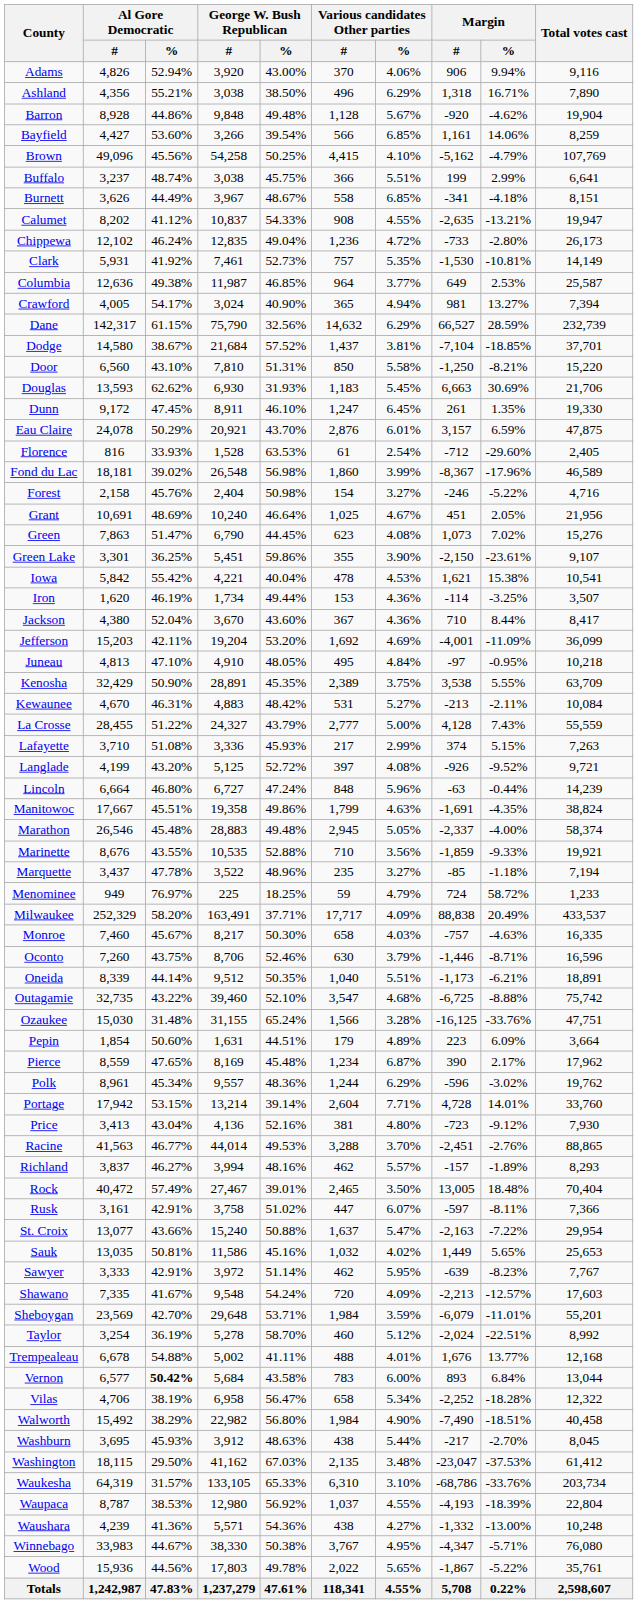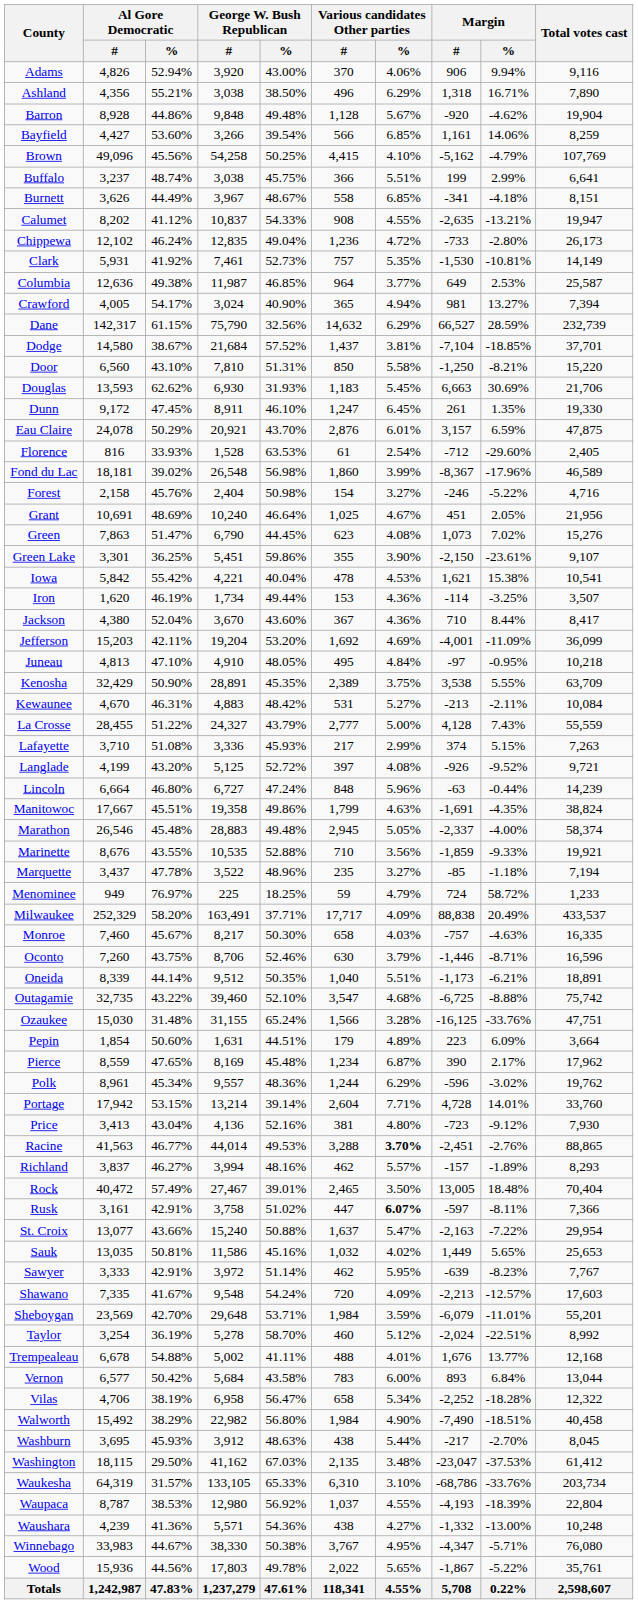 <table width="60%"  class="wikitable sortable" style="text-align:center">
 <tr>
 <th style="text-align:center;" rowspan="2">County</th>
 <th style="text-align:center;" colspan="2">Al Gore<br>Democratic</th>
 <th style="text-align:center;" colspan="2">George W. Bush<br>Republican</th>
 <th style="text-align:center;" colspan="2">Various candidates<br>Other parties</th>
 <th style="text-align:center;" colspan="2">Margin</th>
 <th style="text-align:center;" rowspan="2">Total votes cast</th>
 </tr>
 <tr>
 <th style="text-align:center;" data-sort-type="number">#</th>
 <th style="text-align:center;" data-sort-type="number">%</th>
 <th style="text-align:center;" data-sort-type="number">#</th>
 <th style="text-align:center;" data-sort-type="number">%</th>
 <th style="text-align:center;" data-sort-type="number">#</th>
 <th style="text-align:center;" data-sort-type="number">%</th>
 <th style="text-align:center;" data-sort-type="number">#</th>
 <th style="text-align:center;" data-sort-type="number">%</th>
 </tr>
 <tr style="text-align:center;">
 <td><a href='#'>Adams</a></td>
 <td>4,826</td>
 <td>52.94%</td>
 <td>3,920</td>
 <td>43.00%</td>
 <td>370</td>
 <td>4.06%</td>
 <td>906</td>
 <td>9.94%</td>
 <td>9,116</td>
 </tr>
 <tr style="text-align:center;">
 <td><a href='#'>Ashland</a></td>
 <td>4,356</td>
 <td>55.21%</td>
 <td>3,038</td>
 <td>38.50%</td>
 <td>496</td>
 <td>6.29%</td>
 <td>1,318</td>
 <td>16.71%</td>
 <td>7,890</td>
 </tr>
 <tr style="text-align:center;">
 <td><a href='#'>Barron</a></td>
 <td>8,928</td>
 <td>44.86%</td>
 <td>9,848</td>
 <td>49.48%</td>
 <td>1,128</td>
 <td>5.67%</td>
 <td>-920</td>
 <td>-4.62%</td>
 <td>19,904</td>
 </tr>
 <tr style="text-align:center;">
 <td><a href='#'>Bayfield</a></td>
 <td>4,427</td>
 <td>53.60%</td>
 <td>3,266</td>
 <td>39.54%</td>
 <td>566</td>
 <td>6.85%</td>
 <td>1,161</td>
 <td>14.06%</td>
 <td>8,259</td>
 </tr>
 <tr style="text-align:center;">
 <td><a href='#'>Brown</a></td>
 <td>49,096</td>
 <td>45.56%</td>
 <td>54,258</td>
 <td>50.25%</td>
 <td>4,415</td>
 <td>4.10%</td>
 <td>-5,162</td>
 <td>-4.79%</td>
 <td>107,769</td>
 </tr>
 <tr style="text-align:center;">
 <td><a href='#'>Buffalo</a></td>
 <td>3,237</td>
 <td>48.74%</td>
 <td>3,038</td>
 <td>45.75%</td>
 <td>366</td>
 <td>5.51%</td>
 <td>199</td>
 <td>2.99%</td>
 <td>6,641</td>
 </tr>
 <tr style="text-align:center;">
 <td><a href='#'>Burnett</a></td>
 <td>3,626</td>
 <td>44.49%</td>
 <td>3,967</td>
 <td>48.67%</td>
 <td>558</td>
 <td>6.85%</td>
 <td>-341</td>
 <td>-4.18%</td>
 <td>8,151</td>
 </tr>
 <tr style="text-align:center;">
 <td><a href='#'>Calumet</a></td>
 <td>8,202</td>
 <td>41.12%</td>
 <td>10,837</td>
 <td>54.33%</td>
 <td>908</td>
 <td>4.55%</td>
 <td>-2,635</td>
 <td>-13.21%</td>
 <td>19,947</td>
 </tr>
 <tr style="text-align:center;">
 <td><a href='#'>Chippewa</a></td>
 <td>12,102</td>
 <td>46.24%</td>
 <td>12,835</td>
 <td>49.04%</td>
 <td>1,236</td>
 <td>4.72%</td>
 <td>-733</td>
 <td>-2.80%</td>
 <td>26,173</td>
 </tr>
 <tr style="text-align:center;">
 <td><a href='#'>Clark</a></td>
 <td>5,931</td>
 <td>41.92%</td>
 <td>7,461</td>
 <td>52.73%</td>
 <td>757</td>
 <td>5.35%</td>
 <td>-1,530</td>
 <td>-10.81%</td>
 <td>14,149</td>
 </tr>
 <tr style="text-align:center;">
 <td><a href='#'>Columbia</a></td>
 <td>12,636</td>
 <td>49.38%</td>
 <td>11,987</td>
 <td>46.85%</td>
 <td>964</td>
 <td>3.77%</td>
 <td>649</td>
 <td>2.53%</td>
 <td>25,587</td>
 </tr>
 <tr style="text-align:center;">
 <td><a href='#'>Crawford</a></td>
 <td>4,005</td>
 <td>54.17%</td>
 <td>3,024</td>
 <td>40.90%</td>
 <td>365</td>
 <td>4.94%</td>
 <td>981</td>
 <td>13.27%</td>
 <td>7,394</td>
 </tr>
 <tr style="text-align:center;">
 <td><a href='#'>Dane</a></td>
 <td>142,317</td>
 <td>61.15%</td>
 <td>75,790</td>
 <td>32.56%</td>
 <td>14,632</td>
 <td>6.29%</td>
 <td>66,527</td>
 <td>28.59%</td>
 <td>232,739</td>
 </tr>
 <tr style="text-align:center;">
 <td><a href='#'>Dodge</a></td>
 <td>14,580</td>
 <td>38.67%</td>
 <td>21,684</td>
 <td>57.52%</td>
 <td>1,437</td>
 <td>3.81%</td>
 <td>-7,104</td>
 <td>-18.85%</td>
 <td>37,701</td>
 </tr>
 <tr style="text-align:center;">
 <td><a href='#'>Door</a></td>
 <td>6,560</td>
 <td>43.10%</td>
 <td>7,810</td>
 <td>51.31%</td>
 <td>850</td>
 <td>5.58%</td>
 <td>-1,250</td>
 <td>-8.21%</td>
 <td>15,220</td>
 </tr>
 <tr style="text-align:center;">
 <td><a href='#'>Douglas</a></td>
 <td>13,593</td>
 <td>62.62%</td>
 <td>6,930</td>
 <td>31.93%</td>
 <td>1,183</td>
 <td>5.45%</td>
 <td>6,663</td>
 <td>30.69%</td>
 <td>21,706</td>
 </tr>
 <tr style="text-align:center;">
 <td><a href='#'>Dunn</a></td>
 <td>9,172</td>
 <td>47.45%</td>
 <td>8,911</td>
 <td>46.10%</td>
 <td>1,247</td>
 <td>6.45%</td>
 <td>261</td>
 <td>1.35%</td>
 <td>19,330</td>
 </tr>
 <tr style="text-align:center;">
 <td><a href='#'>Eau Claire</a></td>
 <td>24,078</td>
 <td>50.29%</td>
 <td>20,921</td>
 <td>43.70%</td>
 <td>2,876</td>
 <td>6.01%</td>
 <td>3,157</td>
 <td>6.59%</td>
 <td>47,875</td>
 </tr>
 <tr style="text-align:center;">
 <td><a href='#'>Florence</a></td>
 <td>816</td>
 <td>33.93%</td>
 <td>1,528</td>
 <td>63.53%</td>
 <td>61</td>
 <td>2.54%</td>
 <td>-712</td>
 <td>-29.60%</td>
 <td>2,405</td>
 </tr>
 <tr style="text-align:center;">
 <td><a href='#'>Fond du Lac</a></td>
 <td>18,181</td>
 <td>39.02%</td>
 <td>26,548</td>
 <td>56.98%</td>
 <td>1,860</td>
 <td>3.99%</td>
 <td>-8,367</td>
 <td>-17.96%</td>
 <td>46,589</td>
 </tr>
 <tr style="text-align:center;">
 <td><a href='#'>Forest</a></td>
 <td>2,158</td>
 <td>45.76%</td>
 <td>2,404</td>
 <td>50.98%</td>
 <td>154</td>
 <td>3.27%</td>
 <td>-246</td>
 <td>-5.22%</td>
 <td>4,716</td>
 </tr>
 <tr style="text-align:center;">
 <td><a href='#'>Grant</a></td>
 <td>10,691</td>
 <td>48.69%</td>
 <td>10,240</td>
 <td>46.64%</td>
 <td>1,025</td>
 <td>4.67%</td>
 <td>451</td>
 <td>2.05%</td>
 <td>21,956</td>
 </tr>
 <tr style="text-align:center;">
 <td><a href='#'>Green</a></td>
 <td>7,863</td>
 <td>51.47%</td>
 <td>6,790</td>
 <td>44.45%</td>
 <td>623</td>
 <td>4.08%</td>
 <td>1,073</td>
 <td>7.02%</td>
 <td>15,276</td>
 </tr>
 <tr style="text-align:center;">
 <td><a href='#'>Green Lake</a></td>
 <td>3,301</td>
 <td>36.25%</td>
 <td>5,451</td>
 <td>59.86%</td>
 <td>355</td>
 <td>3.90%</td>
 <td>-2,150</td>
 <td>-23.61%</td>
 <td>9,107</td>
 </tr>
 <tr style="text-align:center;">
 <td><a href='#'>Iowa</a></td>
 <td>5,842</td>
 <td>55.42%</td>
 <td>4,221</td>
 <td>40.04%</td>
 <td>478</td>
 <td>4.53%</td>
 <td>1,621</td>
 <td>15.38%</td>
 <td>10,541</td>
 </tr>
 <tr style="text-align:center;">
 <td><a href='#'>Iron</a></td>
 <td>1,620</td>
 <td>46.19%</td>
 <td>1,734</td>
 <td>49.44%</td>
 <td>153</td>
 <td>4.36%</td>
 <td>-114</td>
 <td>-3.25%</td>
 <td>3,507</td>
 </tr>
 <tr style="text-align:center;">
 <td><a href='#'>Jackson</a></td>
 <td>4,380</td>
 <td>52.04%</td>
 <td>3,670</td>
 <td>43.60%</td>
 <td>367</td>
 <td>4.36%</td>
 <td>710</td>
 <td>8.44%</td>
 <td>8,417</td>
 </tr>
 <tr style="text-align:center;">
 <td><a href='#'>Jefferson</a></td>
 <td>15,203</td>
 <td>42.11%</td>
 <td>19,204</td>
 <td>53.20%</td>
 <td>1,692</td>
 <td>4.69%</td>
 <td>-4,001</td>
 <td>-11.09%</td>
 <td>36,099</td>
 </tr>
 <tr style="text-align:center;">
 <td><a href='#'>Juneau</a></td>
 <td>4,813</td>
 <td>47.10%</td>
 <td>4,910</td>
 <td>48.05%</td>
 <td>495</td>
 <td>4.84%</td>
 <td>-97</td>
 <td>-0.95%</td>
 <td>10,218</td>
 </tr>
 <tr style="text-align:center;">
 <td><a href='#'>Kenosha</a></td>
 <td>32,429</td>
 <td>50.90%</td>
 <td>28,891</td>
 <td>45.35%</td>
 <td>2,389</td>
 <td>3.75%</td>
 <td>3,538</td>
 <td>5.55%</td>
 <td>63,709</td>
 </tr>
 <tr style="text-align:center;">
 <td><a href='#'>Kewaunee</a></td>
 <td>4,670</td>
 <td>46.31%</td>
 <td>4,883</td>
 <td>48.42%</td>
 <td>531</td>
 <td>5.27%</td>
 <td>-213</td>
 <td>-2.11%</td>
 <td>10,084</td>
 </tr>
 <tr style="text-align:center;">
 <td><a href='#'>La Crosse</a></td>
 <td>28,455</td>
 <td>51.22%</td>
 <td>24,327</td>
 <td>43.79%</td>
 <td>2,777</td>
 <td>5.00%</td>
 <td>4,128</td>
 <td>7.43%</td>
 <td>55,559</td>
 </tr>
 <tr style="text-align:center;">
 <td><a href='#'>Lafayette</a></td>
 <td>3,710</td>
 <td>51.08%</td>
 <td>3,336</td>
 <td>45.93%</td>
 <td>217</td>
 <td>2.99%</td>
 <td>374</td>
 <td>5.15%</td>
 <td>7,263</td>
 </tr>
 <tr style="text-align:center;">
 <td><a href='#'>Langlade</a></td>
 <td>4,199</td>
 <td>43.20%</td>
 <td>5,125</td>
 <td>52.72%</td>
 <td>397</td>
 <td>4.08%</td>
 <td>-926</td>
 <td>-9.52%</td>
 <td>9,721</td>
 </tr>
 <tr style="text-align:center;">
 <td><a href='#'>Lincoln</a></td>
 <td>6,664</td>
 <td>46.80%</td>
 <td>6,727</td>
 <td>47.24%</td>
 <td>848</td>
 <td>5.96%</td>
 <td>-63</td>
 <td>-0.44%</td>
 <td>14,239</td>
 </tr>
 <tr style="text-align:center;">
 <td><a href='#'>Manitowoc</a></td>
 <td>17,667</td>
 <td>45.51%</td>
 <td>19,358</td>
 <td>49.86%</td>
 <td>1,799</td>
 <td>4.63%</td>
 <td>-1,691</td>
 <td>-4.35%</td>
 <td>38,824</td>
 </tr>
 <tr style="text-align:center;">
 <td><a href='#'>Marathon</a></td>
 <td>26,546</td>
 <td>45.48%</td>
 <td>28,883</td>
 <td>49.48%</td>
 <td>2,945</td>
 <td>5.05%</td>
 <td>-2,337</td>
 <td>-4.00%</td>
 <td>58,374</td>
 </tr>
 <tr style="text-align:center;">
 <td><a href='#'>Marinette</a></td>
 <td>8,676</td>
 <td>43.55%</td>
 <td>10,535</td>
 <td>52.88%</td>
 <td>710</td>
 <td>3.56%</td>
 <td>-1,859</td>
 <td>-9.33%</td>
 <td>19,921</td>
 </tr>
 <tr style="text-align:center;">
 <td><a href='#'>Marquette</a></td>
 <td>3,437</td>
 <td>47.78%</td>
 <td>3,522</td>
 <td>48.96%</td>
 <td>235</td>
 <td>3.27%</td>
 <td>-85</td>
 <td>-1.18%</td>
 <td>7,194</td>
 </tr>
 <tr style="text-align:center;">
 <td><a href='#'>Menominee</a></td>
 <td>949</td>
 <td>76.97%</td>
 <td>225</td>
 <td>18.25%</td>
 <td>59</td>
 <td>4.79%</td>
 <td>724</td>
 <td>58.72%</td>
 <td>1,233</td>
 </tr>
 <tr style="text-align:center;">
 <td><a href='#'>Milwaukee</a></td>
 <td>252,329</td>
 <td>58.20%</td>
 <td>163,491</td>
 <td>37.71%</td>
 <td>17,717</td>
 <td>4.09%</td>
 <td>88,838</td>
 <td>20.49%</td>
 <td>433,537</td>
 </tr>
 <tr style="text-align:center;">
 <td><a href='#'>Monroe</a></td>
 <td>7,460</td>
 <td>45.67%</td>
 <td>8,217</td>
 <td>50.30%</td>
 <td>658</td>
 <td>4.03%</td>
 <td>-757</td>
 <td>-4.63%</td>
 <td>16,335</td>
 </tr>
 <tr style="text-align:center;">
 <td><a href='#'>Oconto</a></td>
 <td>7,260</td>
 <td>43.75%</td>
 <td>8,706</td>
 <td>52.46%</td>
 <td>630</td>
 <td>3.79%</td>
 <td>-1,446</td>
 <td>-8.71%</td>
 <td>16,596</td>
 </tr>
 <tr style="text-align:center;">
 <td><a href='#'>Oneida</a></td>
 <td>8,339</td>
 <td>44.14%</td>
 <td>9,512</td>
 <td>50.35%</td>
 <td>1,040</td>
 <td>5.51%</td>
 <td>-1,173</td>
 <td>-6.21%</td>
 <td>18,891</td>
 </tr>
 <tr style="text-align:center;">
 <td><a href='#'>Outagamie</a></td>
 <td>32,735</td>
 <td>43.22%</td>
 <td>39,460</td>
 <td>52.10%</td>
 <td>3,547</td>
 <td>4.68%</td>
 <td>-6,725</td>
 <td>-8.88%</td>
 <td>75,742</td>
 </tr>
 <tr style="text-align:center;">
 <td><a href='#'>Ozaukee</a></td>
 <td>15,030</td>
 <td>31.48%</td>
 <td>31,155</td>
 <td>65.24%</td>
 <td>1,566</td>
 <td>3.28%</td>
 <td>-16,125</td>
 <td>-33.76%</td>
 <td>47,751</td>
 </tr>
 <tr style="text-align:center;">
 <td><a href='#'>Pepin</a></td>
 <td>1,854</td>
 <td>50.60%</td>
 <td>1,631</td>
 <td>44.51%</td>
 <td>179</td>
 <td>4.89%</td>
 <td>223</td>
 <td>6.09%</td>
 <td>3,664</td>
 </tr>
 <tr style="text-align:center;">
 <td><a href='#'>Pierce</a></td>
 <td>8,559</td>
 <td>47.65%</td>
 <td>8,169</td>
 <td>45.48%</td>
 <td>1,234</td>
 <td>6.87%</td>
 <td>390</td>
 <td>2.17%</td>
 <td>17,962</td>
 </tr>
 <tr style="text-align:center;">
 <td><a href='#'>Polk</a></td>
 <td>8,961</td>
 <td>45.34%</td>
 <td>9,557</td>
 <td>48.36%</td>
 <td>1,244</td>
 <td>6.29%</td>
 <td>-596</td>
 <td>-3.02%</td>
 <td>19,762</td>
 </tr>
 <tr style="text-align:center;">
 <td><a href='#'>Portage</a></td>
 <td>17,942</td>
 <td>53.15%</td>
 <td>13,214</td>
 <td>39.14%</td>
 <td>2,604</td>
 <td>7.71%</td>
 <td>4,728</td>
 <td>14.01%</td>
 <td>33,760</td>
 </tr>
 <tr style="text-align:center;">
 <td><a href='#'>Price</a></td>
 <td>3,413</td>
 <td>43.04%</td>
 <td>4,136</td>
 <td>52.16%</td>
 <td>381</td>
 <td>4.80%</td>
 <td>-723</td>
 <td>-9.12%</td>
 <td>7,930</td>
 </tr>
 <tr style="text-align:center;">
 <td><a href='#'>Racine</a></td>
 <td>41,563</td>
 <td>46.77%</td>
 <td>44,014</td>
 <td>49.53%</td>
 <td>3,288</td>
-<td>3.70%</td>
+<td><strong>3.70%</strong></td>
 <td>-2,451</td>
 <td>-2.76%</td>
 <td>88,865</td>
 </tr>
 <tr style="text-align:center;">
 <td><a href='#'>Richland</a></td>
 <td>3,837</td>
 <td>46.27%</td>
 <td>3,994</td>
 <td>48.16%</td>
 <td>462</td>
 <td>5.57%</td>
 <td>-157</td>
 <td>-1.89%</td>
 <td>8,293</td>
 </tr>
 <tr style="text-align:center;">
 <td><a href='#'>Rock</a></td>
 <td>40,472</td>
 <td>57.49%</td>
 <td>27,467</td>
 <td>39.01%</td>
 <td>2,465</td>
 <td>3.50%</td>
 <td>13,005</td>
 <td>18.48%</td>
 <td>70,404</td>
 </tr>
 <tr style="text-align:center;">
 <td><a href='#'>Rusk</a></td>
 <td>3,161</td>
 <td>42.91%</td>
 <td>3,758</td>
 <td>51.02%</td>
 <td>447</td>
-<td>6.07%</td>
+<td><strong>6.07%</strong></td>
 <td>-597</td>
 <td>-8.11%</td>
 <td>7,366</td>
 </tr>
 <tr style="text-align:center;">
 <td><a href='#'>St. Croix</a></td>
 <td>13,077</td>
 <td>43.66%</td>
 <td>15,240</td>
 <td>50.88%</td>
 <td>1,637</td>
 <td>5.47%</td>
 <td>-2,163</td>
 <td>-7.22%</td>
 <td>29,954</td>
 </tr>
 <tr style="text-align:center;">
 <td><a href='#'>Sauk</a></td>
 <td>13,035</td>
 <td>50.81%</td>
 <td>11,586</td>
 <td>45.16%</td>
 <td>1,032</td>
 <td>4.02%</td>
 <td>1,449</td>
 <td>5.65%</td>
 <td>25,653</td>
 </tr>
 <tr style="text-align:center;">
 <td><a href='#'>Sawyer</a></td>
 <td>3,333</td>
 <td>42.91%</td>
 <td>3,972</td>
 <td>51.14%</td>
 <td>462</td>
 <td>5.95%</td>
 <td>-639</td>
 <td>-8.23%</td>
 <td>7,767</td>
 </tr>
 <tr style="text-align:center;">
 <td><a href='#'>Shawano</a></td>
 <td>7,335</td>
 <td>41.67%</td>
 <td>9,548</td>
 <td>54.24%</td>
 <td>720</td>
 <td>4.09%</td>
 <td>-2,213</td>
 <td>-12.57%</td>
 <td>17,603</td>
 </tr>
 <tr style="text-align:center;">
 <td><a href='#'>Sheboygan</a></td>
 <td>23,569</td>
 <td>42.70%</td>
 <td>29,648</td>
 <td>53.71%</td>
 <td>1,984</td>
 <td>3.59%</td>
 <td>-6,079</td>
 <td>-11.01%</td>
 <td>55,201</td>
 </tr>
 <tr style="text-align:center;">
 <td><a href='#'>Taylor</a></td>
 <td>3,254</td>
 <td>36.19%</td>
 <td>5,278</td>
 <td>58.70%</td>
 <td>460</td>
 <td>5.12%</td>
 <td>-2,024</td>
 <td>-22.51%</td>
 <td>8,992</td>
 </tr>
 <tr style="text-align:center;">
 <td><a href='#'>Trempealeau</a></td>
 <td>6,678</td>
 <td>54.88%</td>
 <td>5,002</td>
 <td>41.11%</td>
 <td>488</td>
 <td>4.01%</td>
 <td>1,676</td>
 <td>13.77%</td>
 <td>12,168</td>
 </tr>
 <tr style="text-align:center;">
 <td><a href='#'>Vernon</a></td>
 <td>6,577</td>
-<td><strong>50.42%</strong></td>
+<td>50.42%</td>
 <td>5,684</td>
 <td>43.58%</td>
 <td>783</td>
 <td>6.00%</td>
 <td>893</td>
 <td>6.84%</td>
 <td>13,044</td>
 </tr>
 <tr style="text-align:center;">
 <td><a href='#'>Vilas</a></td>
 <td>4,706</td>
 <td>38.19%</td>
 <td>6,958</td>
 <td>56.47%</td>
 <td>658</td>
 <td>5.34%</td>
 <td>-2,252</td>
 <td>-18.28%</td>
 <td>12,322</td>
 </tr>
 <tr style="text-align:center;">
 <td><a href='#'>Walworth</a></td>
 <td>15,492</td>
 <td>38.29%</td>
 <td>22,982</td>
 <td>56.80%</td>
 <td>1,984</td>
 <td>4.90%</td>
 <td>-7,490</td>
 <td>-18.51%</td>
 <td>40,458</td>
 </tr>
 <tr style="text-align:center;">
 <td><a href='#'>Washburn</a></td>
 <td>3,695</td>
 <td>45.93%</td>
 <td>3,912</td>
 <td>48.63%</td>
 <td>438</td>
 <td>5.44%</td>
 <td>-217</td>
 <td>-2.70%</td>
 <td>8,045</td>
 </tr>
 <tr style="text-align:center;">
 <td><a href='#'>Washington</a></td>
 <td>18,115</td>
 <td>29.50%</td>
 <td>41,162</td>
 <td>67.03%</td>
 <td>2,135</td>
 <td>3.48%</td>
 <td>-23,047</td>
 <td>-37.53%</td>
 <td>61,412</td>
 </tr>
 <tr style="text-align:center;">
 <td><a href='#'>Waukesha</a></td>
 <td>64,319</td>
 <td>31.57%</td>
 <td>133,105</td>
 <td>65.33%</td>
 <td>6,310</td>
 <td>3.10%</td>
 <td>-68,786</td>
 <td>-33.76%</td>
 <td>203,734</td>
 </tr>
 <tr style="text-align:center;">
 <td><a href='#'>Waupaca</a></td>
 <td>8,787</td>
 <td>38.53%</td>
 <td>12,980</td>
 <td>56.92%</td>
 <td>1,037</td>
 <td>4.55%</td>
 <td>-4,193</td>
 <td>-18.39%</td>
 <td>22,804</td>
 </tr>
 <tr style="text-align:center;">
 <td><a href='#'>Waushara</a></td>
 <td>4,239</td>
 <td>41.36%</td>
 <td>5,571</td>
 <td>54.36%</td>
 <td>438</td>
 <td>4.27%</td>
 <td>-1,332</td>
 <td>-13.00%</td>
 <td>10,248</td>
 </tr>
 <tr style="text-align:center;">
 <td><a href='#'>Winnebago</a></td>
 <td>33,983</td>
 <td>44.67%</td>
 <td>38,330</td>
 <td>50.38%</td>
 <td>3,767</td>
 <td>4.95%</td>
 <td>-4,347</td>
 <td>-5.71%</td>
 <td>76,080</td>
 </tr>
 <tr style="text-align:center;">
 <td><a href='#'>Wood</a></td>
 <td>15,936</td>
 <td>44.56%</td>
 <td>17,803</td>
 <td>49.78%</td>
 <td>2,022</td>
 <td>5.65%</td>
 <td>-1,867</td>
 <td>-5.22%</td>
 <td>35,761</td>
 </tr>
 <tr>
 <th>Totals</th>
 <th>1,242,987</th>
 <th>47.83%</th>
 <th>1,237,279</th>
 <th>47.61%</th>
 <th>118,341</th>
 <th>4.55%</th>
 <th>5,708</th>
 <th>0.22%</th>
 <th>2,598,607</th>
 </tr>
 </table>
